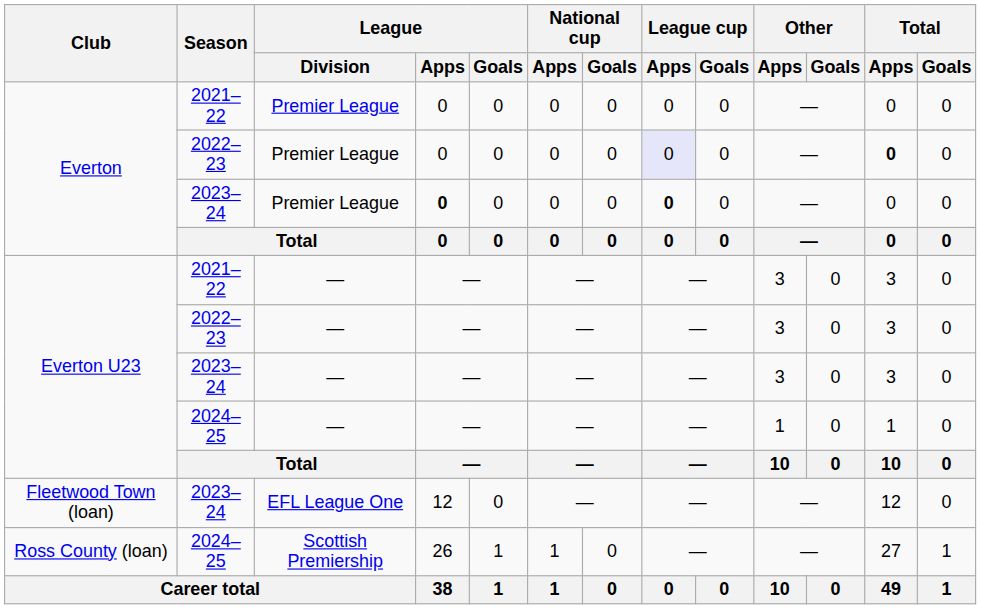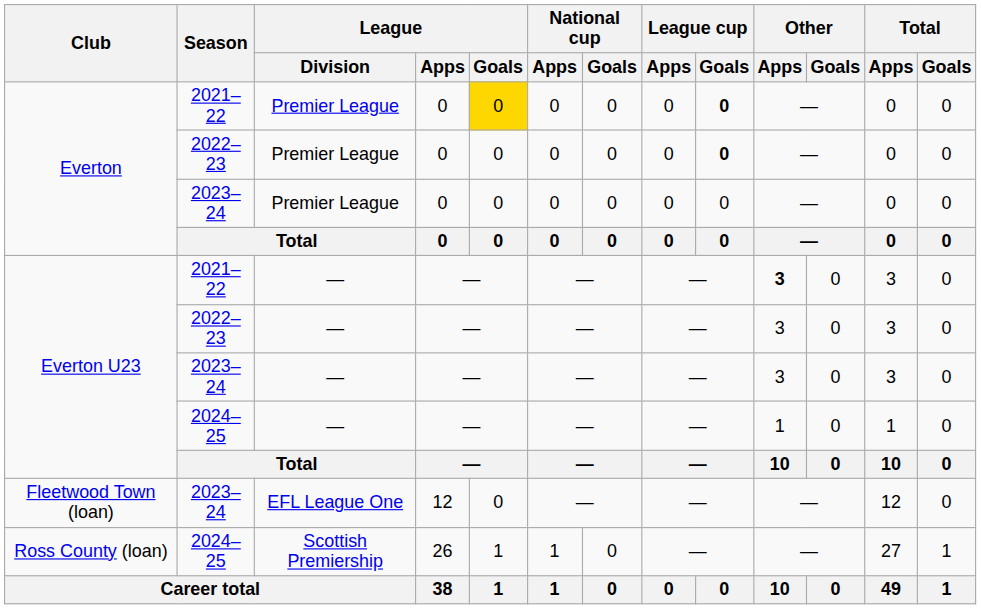 <table class="wikitable" style="text-align:center;">
 <tr>
 <th rowspan="2">Club</th>
 <th rowspan="2">Season</th>
 <th colspan="3">League</th>
 <th colspan="2">National cup</th>
 <th colspan="2">League cup</th>
 <th colspan="2">Other</th>
 <th colspan="2">Total</th>
 </tr>
 <tr>
 <th>Division</th>
 <th>Apps</th>
 <th>Goals</th>
 <th>Apps</th>
 <th>Goals</th>
 <th>Apps</th>
 <th>Goals</th>
 <th>Apps</th>
 <th>Goals</th>
 <th>Apps</th>
 <th>Goals</th>
 </tr>
 <tr>
 <td rowspan="4"><a href='#'>Everton</a></td>
 <td><a href='#'>2021–22</a></td>
 <td><a href='#'>Premier League</a></td>
 <td>0</td>
+<td style="background: gold;">0</td>
 <td>0</td>
 <td>0</td>
 <td>0</td>
-<td>0</td>
-<td>0</td>
+<td><strong>0</strong></td>
 <td colspan="2">—</td>
 <td>0</td>
 <td>0</td>
 </tr>
 <tr>
 <td><a href='#'>2022–23</a></td>
 <td>Premier League</td>
 <td>0</td>
 <td>0</td>
 <td>0</td>
 <td>0</td>
-<td style="background: lavender;">0</td>
 <td>0</td>
+<td><strong>0</strong></td>
 <td colspan="2">—</td>
-<td><strong>0</strong></td>
+<td>0</td>
 <td>0</td>
 </tr>
 <tr>
 <td><a href='#'>2023–24</a></td>
 <td>Premier League</td>
-<td><strong>0</strong></td>
 <td>0</td>
 <td>0</td>
 <td>0</td>
-<td><strong>0</strong></td>
+<td>0</td>
+<td>0</td>
 <td>0</td>
 <td colspan="2">—</td>
 <td>0</td>
 <td>0</td>
 </tr>
 <tr>
 <th colspan="2">Total</th>
 <th>0</th>
 <th>0</th>
 <th>0</th>
 <th>0</th>
 <th>0</th>
 <th>0</th>
 <th colspan="2">—</th>
 <th>0</th>
 <th>0</th>
 </tr>
 <tr>
 <td rowspan="5"><a href='#'>Everton U23</a></td>
 <td><a href='#'>2021–22</a></td>
 <td>—</td>
 <td colspan="2">—</td>
 <td colspan="2">—</td>
 <td colspan="2">—</td>
-<td>3</td>
+<td><strong>3</strong></td>
 <td>0</td>
 <td>3</td>
 <td>0</td>
 </tr>
 <tr>
 <td><a href='#'>2022–23</a></td>
 <td>—</td>
 <td colspan="2">—</td>
 <td colspan="2">—</td>
 <td colspan="2">—</td>
 <td>3</td>
 <td>0</td>
 <td>3</td>
 <td>0</td>
 </tr>
 <tr>
 <td><a href='#'>2023–24</a></td>
 <td>—</td>
 <td colspan="2">—</td>
 <td colspan="2">—</td>
 <td colspan="2">—</td>
 <td>3</td>
 <td>0</td>
 <td>3</td>
 <td>0</td>
 </tr>
 <tr>
 <td><a href='#'>2024–25</a></td>
 <td>—</td>
 <td colspan="2">—</td>
 <td colspan="2">—</td>
 <td colspan="2">—</td>
 <td>1</td>
 <td>0</td>
 <td>1</td>
 <td>0</td>
 </tr>
 <tr>
 <th colspan="2">Total</th>
 <th colspan="2">—</th>
 <th colspan="2">—</th>
 <th colspan="2">—</th>
 <th>10</th>
 <th>0</th>
 <th>10</th>
 <th>0</th>
 </tr>
 <tr>
 <td><a href='#'>Fleetwood Town</a> (loan)</td>
 <td><a href='#'>2023–24</a></td>
 <td><a href='#'>EFL League One</a></td>
 <td>12</td>
 <td>0</td>
 <td colspan="2">—</td>
 <td colspan="2">—</td>
 <td colspan="2">—</td>
 <td>12</td>
 <td>0</td>
 </tr>
 <tr>
 <td><a href='#'>Ross County</a> (loan)</td>
 <td><a href='#'>2024–25</a></td>
 <td><a href='#'>Scottish Premiership</a></td>
 <td>26</td>
 <td>1</td>
 <td>1</td>
 <td>0</td>
 <td colspan="2">—</td>
 <td colspan="2">—</td>
 <td>27</td>
 <td>1</td>
 </tr>
 <tr>
 <th colspan="3">Career total</th>
 <th>38</th>
 <th>1</th>
 <th>1</th>
 <th>0</th>
 <th>0</th>
 <th>0</th>
 <th>10</th>
 <th>0</th>
 <th>49</th>
 <th>1</th>
 </tr>
 </table>
